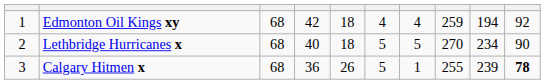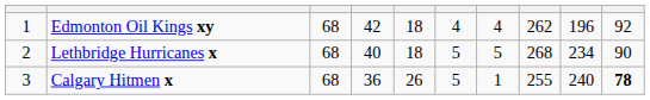 <table class="wikitable sortable">
 <tr>
 <th style="width:2em"></th>
 <th style="width:15em;" class="unsortable"></th>
 <th style="width:2em;"></th>
 <th style="width:2em;"></th>
 <th style="width:2em;"></th>
 <th style="width:2em;"></th>
 <th style="width:2em;"></th>
 <th style="width:2em;"></th>
 <th style="width:2em;"></th>
 <th style="width:2em;"></th>
 </tr>
 <tr style="text-align: center;">
 <td>1</td>
 <td style="text-align:left;"><a href='#'>Edmonton Oil Kings</a> <strong>xy</strong></td>
 <td>68</td>
 <td>42</td>
 <td>18</td>
 <td>4</td>
 <td>4</td>
-<td>259</td>
-<td>194</td>
+<td>262</td>
+<td>196</td>
 <td>92</td>
 </tr>
 <tr style="text-align: center;">
 <td>2</td>
 <td style="text-align:left;"><a href='#'>Lethbridge Hurricanes</a> <strong>x</strong></td>
 <td>68</td>
 <td>40</td>
 <td>18</td>
 <td>5</td>
 <td>5</td>
-<td>270</td>
+<td>268</td>
 <td>234</td>
 <td>90</td>
 </tr>
 <tr style="font-weight: ; text-align: center;">
 <td>3</td>
 <td style="text-align:left;"><a href='#'>Calgary Hitmen</a> <strong>x</strong></td>
 <td>68</td>
 <td>36</td>
 <td>26</td>
 <td>5</td>
 <td>1</td>
 <td>255</td>
-<td>239</td>
+<td>240</td>
 <td><strong>78</strong></td>
 </tr>
 </table>
